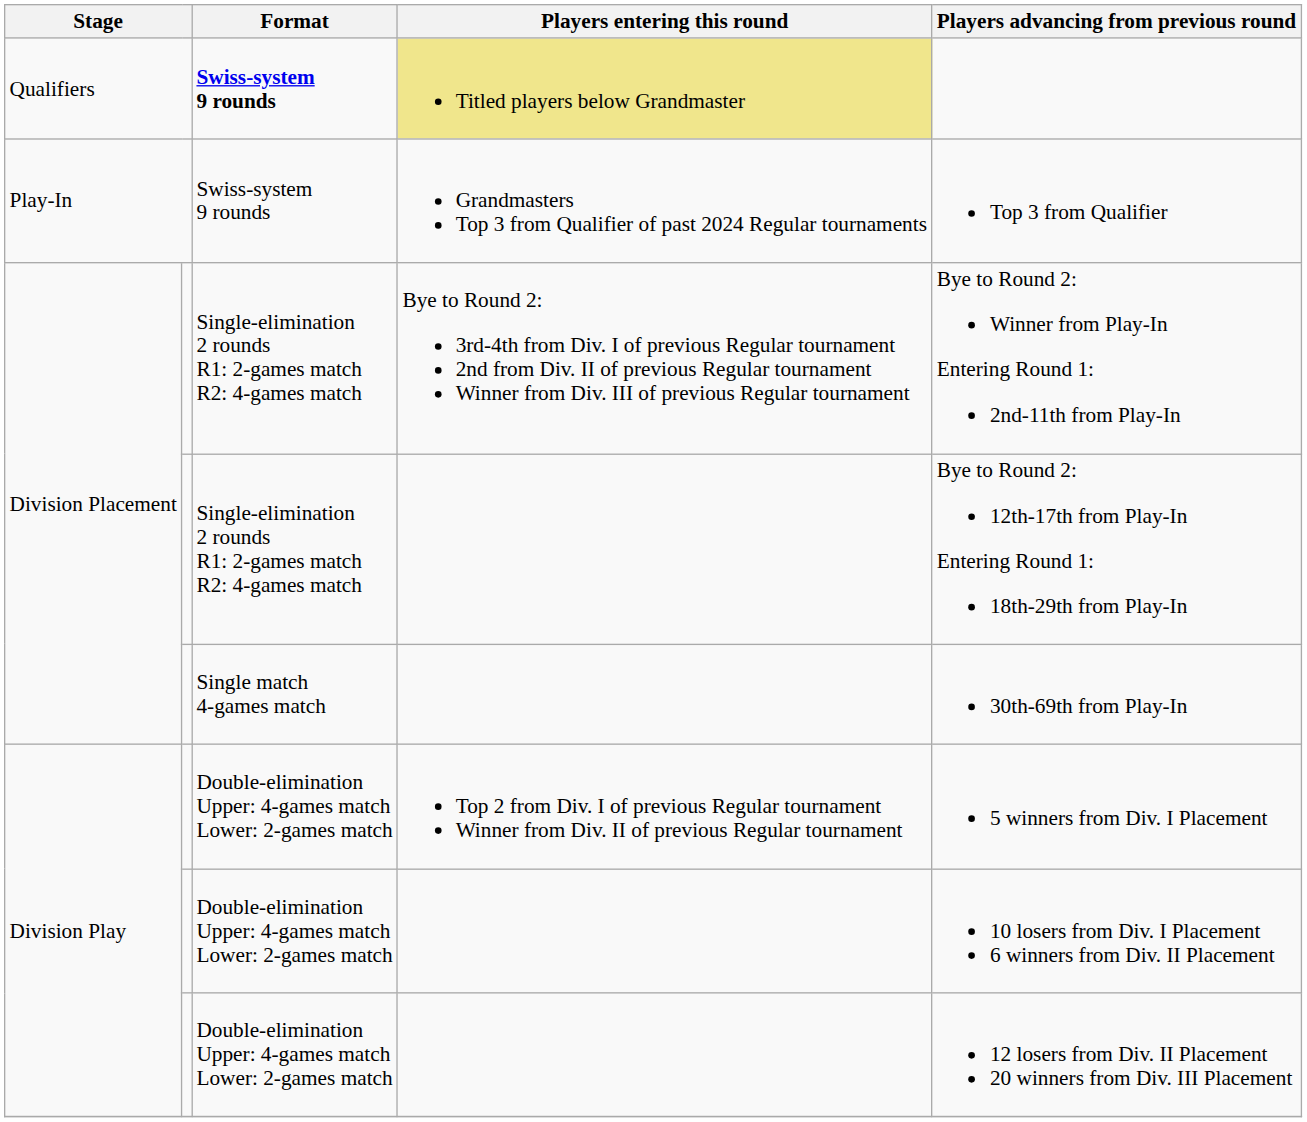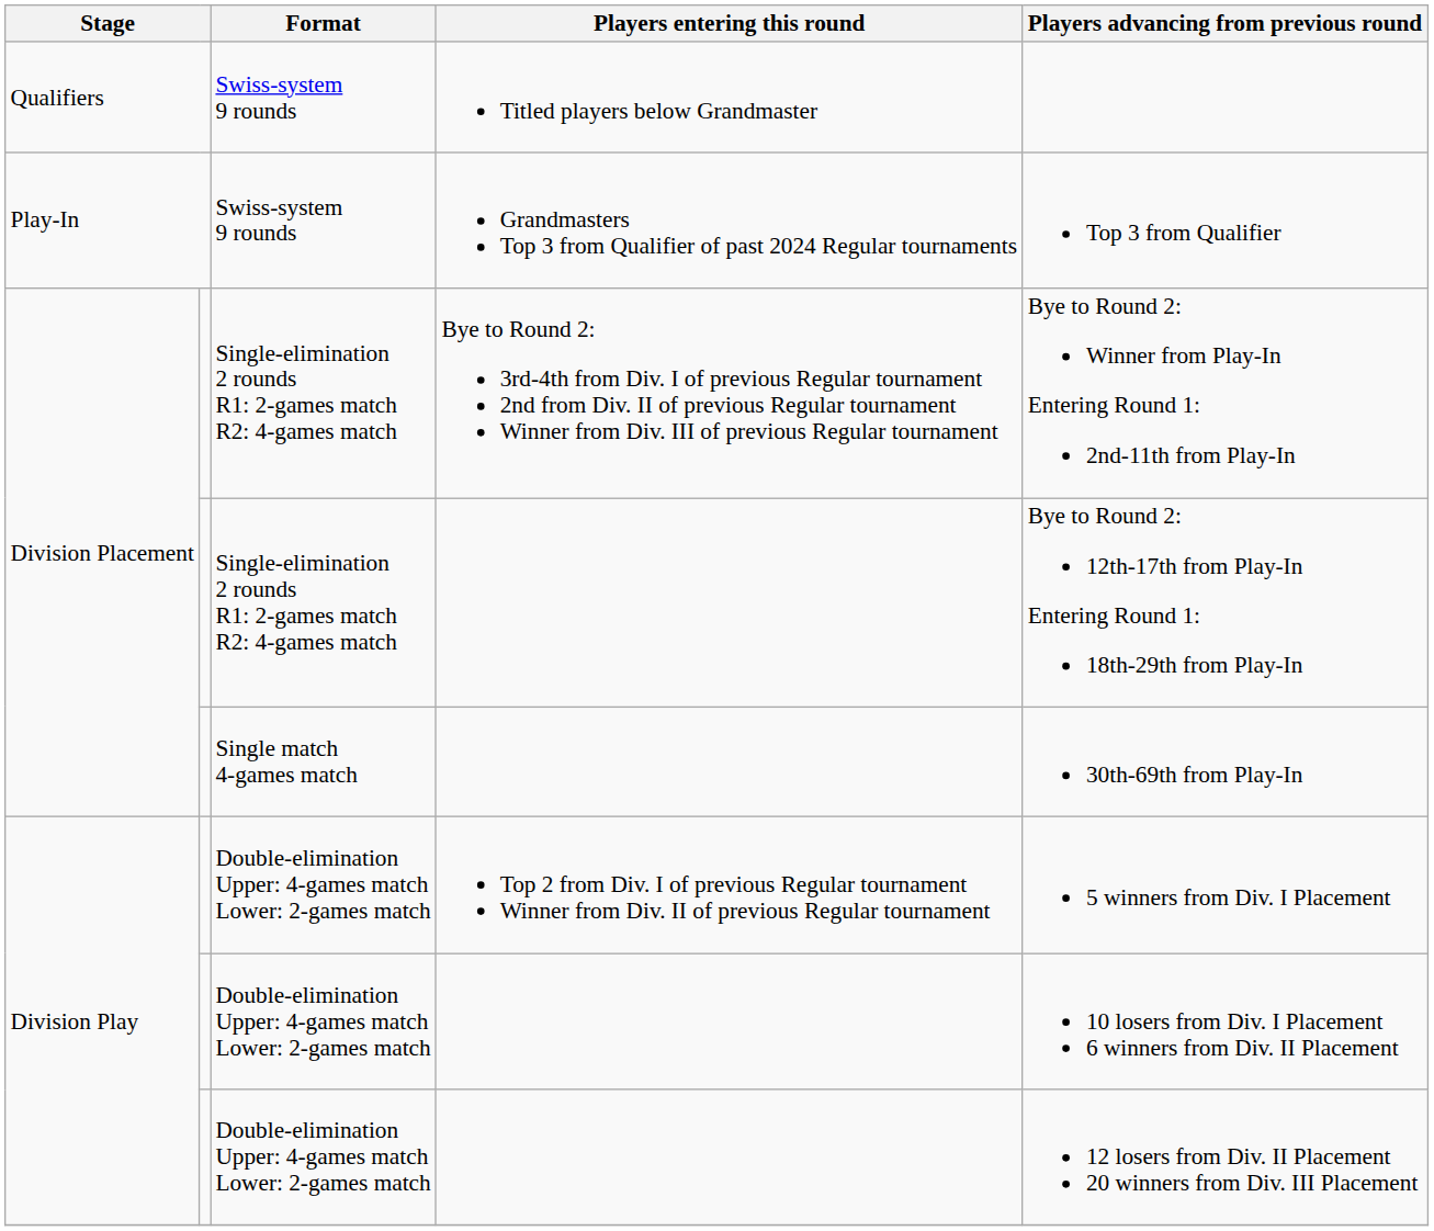 <table class="wikitable">
 <tr>
 <th colspan=2>Stage</th>
 <th>Format</th>
 <th>Players entering this round</th>
 <th>Players advancing from previous round</th>
 </tr>
 <tr>
 <td colspan=2>Qualifiers</td>
-<td><strong><a href='#'>Swiss-system</a><br>9 rounds</strong></td>
-<td style="background: khaki;"><br><ul><li>Titled players below Grandmaster</li></ul></td>
+<td><a href='#'>Swiss-system</a><br>9 rounds</td>
+<td><br><ul><li>Titled players below Grandmaster</li></ul></td>
 <td></td>
 </tr>
 <tr>
 <td colspan=2>Play-In</td>
 <td>Swiss-system<br>9 rounds</td>
 <td><br><ul><li>Grandmasters</li><li>Top 3 from Qualifier of past 2024 Regular tournaments</li></ul></td>
 <td><br><ul><li>Top 3 from Qualifier</li></ul></td>
 </tr>
 <tr>
 <td rowspan=3>Division Placement</td>
 <td></td>
 <td>Single-elimination<br>2 rounds<br>R1: 2-games match<br>R2: 4-games match</td>
 <td>Bye to Round 2:<br><ul><li>3rd-4th from Div. I of previous Regular tournament</li><li>2nd from Div. II of previous Regular tournament</li><li>Winner from Div. III of previous Regular tournament</li></ul></td>
 <td>Bye to Round 2:<br><ul><li>Winner from Play-In</li></ul>Entering Round 1:<ul><li>2nd-11th from Play-In</li></ul></td>
 </tr>
 <tr>
 <td></td>
 <td>Single-elimination<br>2 rounds<br>R1: 2-games match<br>R2: 4-games match</td>
 <td></td>
 <td>Bye to Round 2:<br><ul><li>12th-17th from Play-In</li></ul>Entering Round 1:<ul><li>18th-29th from Play-In</li></ul></td>
 </tr>
 <tr>
 <td></td>
 <td>Single match<br>4-games match</td>
 <td></td>
 <td><br><ul><li>30th-69th from Play-In</li></ul></td>
 </tr>
 <tr>
 <td rowspan=3>Division Play</td>
 <td></td>
 <td>Double-elimination<br>Upper: 4-games match<br>Lower: 2-games match</td>
 <td><br><ul><li>Top 2 from Div. I of previous Regular tournament</li><li>Winner from Div. II of previous Regular tournament</li></ul></td>
 <td><br><ul><li>5 winners from Div. I Placement</li></ul></td>
 </tr>
 <tr>
 <td></td>
 <td>Double-elimination<br>Upper: 4-games match<br>Lower: 2-games match</td>
 <td></td>
 <td><br><ul><li>10 losers from Div. I Placement</li><li>6 winners from Div. II Placement</li></ul></td>
 </tr>
 <tr>
 <td></td>
 <td>Double-elimination<br>Upper: 4-games match<br>Lower: 2-games match</td>
 <td></td>
 <td><br><ul><li>12 losers from Div. II Placement</li><li>20 winners from Div. III Placement</li></ul></td>
 </tr>
 <tr>
 </tr>
 </table>
